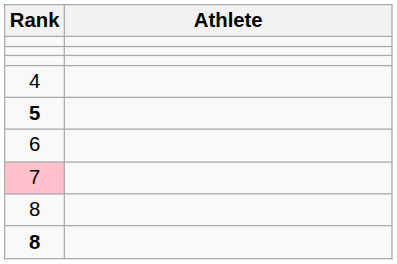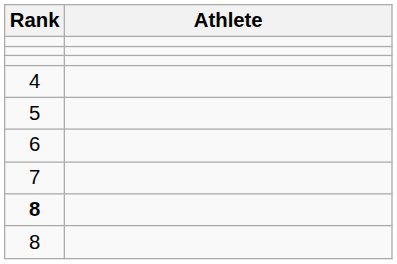 <table class="wikitable" style="text-align: center;">
 <tr>
 <th width=40>Rank</th>
 <th width=250>Athlete</th>
 </tr>
 <tr>
 <td></td>
 <td align="left"></td>
 </tr>
 <tr>
 <td></td>
 <td align="left"></td>
 </tr>
 <tr>
 <td></td>
 <td align="left"></td>
 </tr>
 <tr>
 <td>4</td>
 <td align="left"></td>
 </tr>
 <tr>
-<td><strong>5</strong></td>
+<td>5</td>
 <td align="left"></td>
 </tr>
 <tr>
 <td>6</td>
 <td align="left"></td>
 </tr>
 <tr>
-<td style="background: pink;">7</td>
+<td>7</td>
+<td align="left"></td>
+</tr>
+<tr>
+<td><strong>8</strong></td>
 <td align="left"></td>
 </tr>
 <tr>
 <td>8</td>
 <td align="left"></td>
 </tr>
-<tr>
-<td><strong>8</strong></td>
-<td align="left"></td>
-</tr>
 </table>
